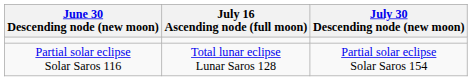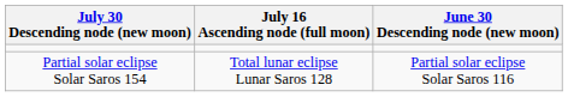 <table class="wikitable">
 <tr>
+<th><a href='#'>July 30</a><br>Descending node (new moon)</th>
+<th>July 16<br>Ascending node (full moon)</th>
 <th><a href='#'>June 30</a><br>Descending node (new moon)</th>
-<th>July 16<br>Ascending node (full moon)</th>
-<th><a href='#'>July 30</a><br>Descending node (new moon)</th>
 </tr>
 <tr>
 <td></td>
 <td></td>
 <td></td>
 </tr>
 <tr align=center>
+<td><a href='#'>Partial solar eclipse</a><br>Solar Saros 154</td>
+<td><a href='#'>Total lunar eclipse</a><br>Lunar Saros 128</td>
 <td><a href='#'>Partial solar eclipse</a><br>Solar Saros 116</td>
-<td><a href='#'>Total lunar eclipse</a><br>Lunar Saros 128</td>
-<td><a href='#'>Partial solar eclipse</a><br>Solar Saros 154</td>
 </tr>
 </table>
